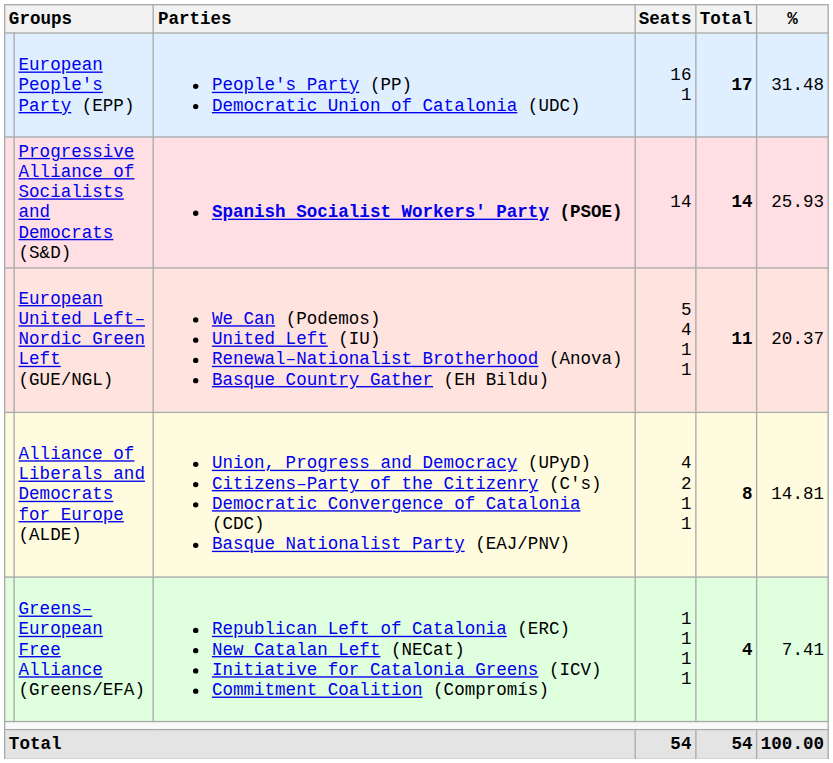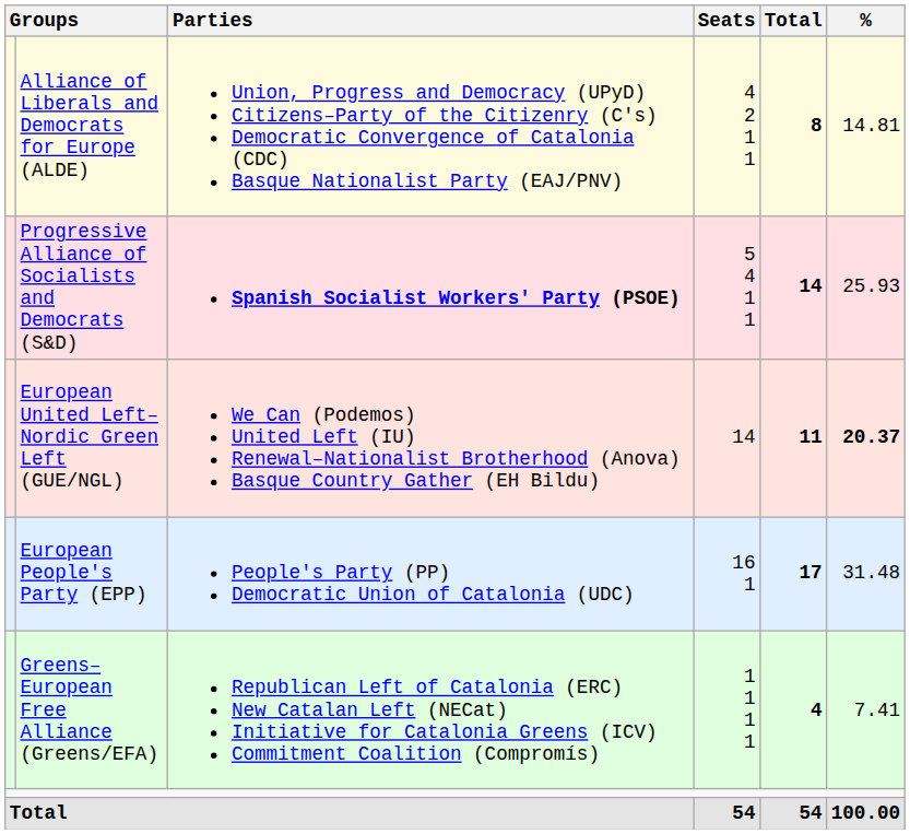 <table class="wikitable" style="text-align:right;">
 <tr>
 <th style="text-align:left;" colspan="2" width="375">Groups</th>
 <th style="text-align:left;" width="350">Parties</th>
 <th width="35">Seats</th>
 <th width="35">Total</th>
 <th width="45">%</th>
 </tr>
+<tr style="background:#FFFBDF;">
+<td style="color:inherit;background:"></td>
+<td align="left"><a href='#'>Alliance of Liberals and Democrats for Europe</a> (ALDE)</td>
+<td align="left"><br><ul><li><a href='#'>Union, Progress and Democracy</a> (UPyD)</li><li><a href='#'>Citizens–Party of the Citizenry</a> (C's)</li><li><a href='#'>Democratic Convergence of Catalonia</a> (CDC)</li><li><a href='#'>Basque Nationalist Party</a> (EAJ/PNV)</li></ul></td>
+<td>4<br>2<br>1<br>1</td>
+<td><strong>8</strong></td>
+<td>14.81</td>
+</tr>
+<tr style="background:#FFDFE3;">
+<td style="color:inherit;background:"></td>
+<td align="left"><a href='#'>Progressive Alliance of Socialists and Democrats</a> (S&D)</td>
+<td align="left"><strong><br><ul><li><a href='#'>Spanish Socialist Workers' Party</a> (PSOE)</li></ul></strong></td>
+<td>5<br>4<br>1<br>1</td>
+<td><strong>14</strong></td>
+<td>25.93</td>
+</tr>
+<tr style="background:#FFE3DF;">
+<td style="color:inherit;background:"></td>
+<td align="left"><a href='#'>European United Left–Nordic Green Left</a> (GUE/NGL)</td>
+<td align="left"><br><ul><li><a href='#'>We Can</a> (Podemos)</li><li><a href='#'>United Left</a> (IU)</li><li><a href='#'>Renewal–Nationalist Brotherhood</a> (Anova)</li><li><a href='#'>Basque Country Gather</a> (EH Bildu)</li></ul></td>
+<td>14</td>
+<td><strong>11</strong></td>
+<td><strong>20.37</strong></td>
+</tr>
 <tr style="background:#DFEFFF;">
 <td width="1" style="color:inherit;background:"></td>
 <td align="left"><a href='#'>European People's Party</a> (EPP)</td>
 <td align="left"><br><ul><li><a href='#'>People's Party</a> (PP)</li><li><a href='#'>Democratic Union of Catalonia</a> (UDC)</li></ul></td>
 <td>16<br>1</td>
 <td><strong>17</strong></td>
 <td>31.48</td>
-</tr>
-<tr style="background:#FFDFE3;">
-<td style="color:inherit;background:"></td>
-<td align="left"><a href='#'>Progressive Alliance of Socialists and Democrats</a> (S&D)</td>
-<td align="left"><strong><br><ul><li><a href='#'>Spanish Socialist Workers' Party</a> (PSOE)</li></ul></strong></td>
-<td>14</td>
-<td><strong>14</strong></td>
-<td>25.93</td>
-</tr>
-<tr style="background:#FFE3DF;">
-<td style="color:inherit;background:"></td>
-<td align="left"><a href='#'>European United Left–Nordic Green Left</a> (GUE/NGL)</td>
-<td align="left"><br><ul><li><a href='#'>We Can</a> (Podemos)</li><li><a href='#'>United Left</a> (IU)</li><li><a href='#'>Renewal–Nationalist Brotherhood</a> (Anova)</li><li><a href='#'>Basque Country Gather</a> (EH Bildu)</li></ul></td>
-<td>5<br>4<br>1<br>1</td>
-<td><strong>11</strong></td>
-<td>20.37</td>
-</tr>
-<tr style="background:#FFFBDF;">
-<td style="color:inherit;background:"></td>
-<td align="left"><a href='#'>Alliance of Liberals and Democrats for Europe</a> (ALDE)</td>
-<td align="left"><br><ul><li><a href='#'>Union, Progress and Democracy</a> (UPyD)</li><li><a href='#'>Citizens–Party of the Citizenry</a> (C's)</li><li><a href='#'>Democratic Convergence of Catalonia</a> (CDC)</li><li><a href='#'>Basque Nationalist Party</a> (EAJ/PNV)</li></ul></td>
-<td>4<br>2<br>1<br>1</td>
-<td><strong>8</strong></td>
-<td>14.81</td>
 </tr>
 <tr style="background:#DFFFDF;">
 <td style="color:inherit;background:"></td>
 <td align="left"><a href='#'>Greens–European Free Alliance</a> (Greens/EFA)</td>
 <td align="left"><br><ul><li><a href='#'>Republican Left of Catalonia</a> (ERC)</li><li><a href='#'>New Catalan Left</a> (NECat)</li><li><a href='#'>Initiative for Catalonia Greens</a> (ICV)</li><li><a href='#'>Commitment Coalition</a> (Compromís)</li></ul></td>
 <td>1<br>1<br>1<br>1</td>
 <td><strong>4</strong></td>
 <td>7.41</td>
 </tr>
 <tr>
 <td colspan="6"></td>
 </tr>
 <tr style="background:#E4E4E4; font-weight:bold;">
 <td align="left" colspan="3">Total</td>
 <td>54</td>
 <td>54</td>
 <td>100.00</td>
 </tr>
 </table>
